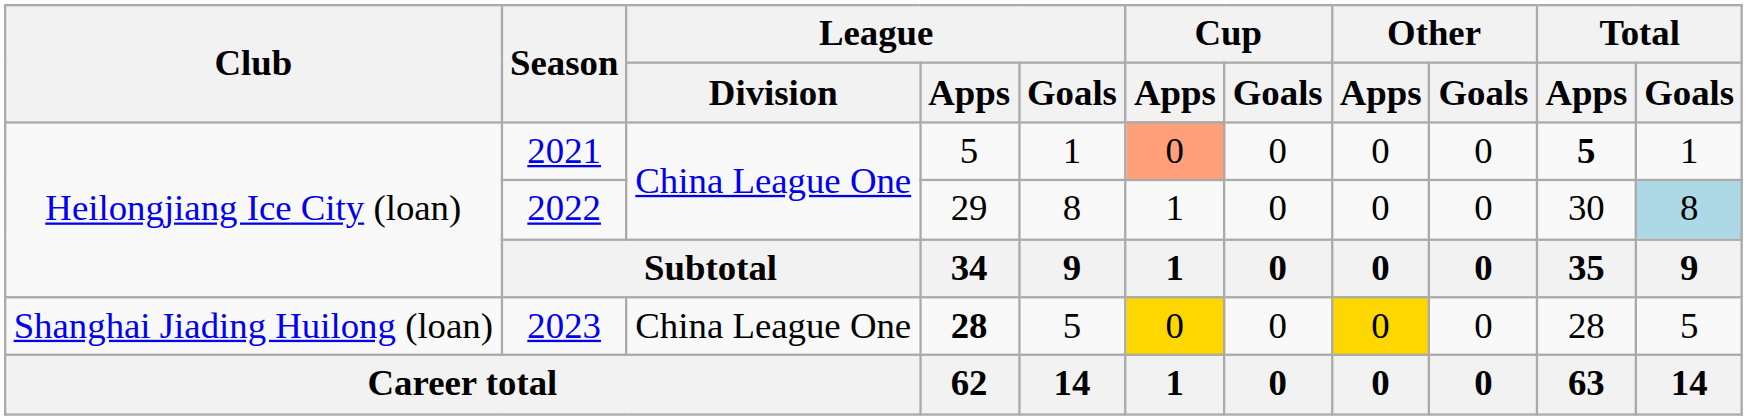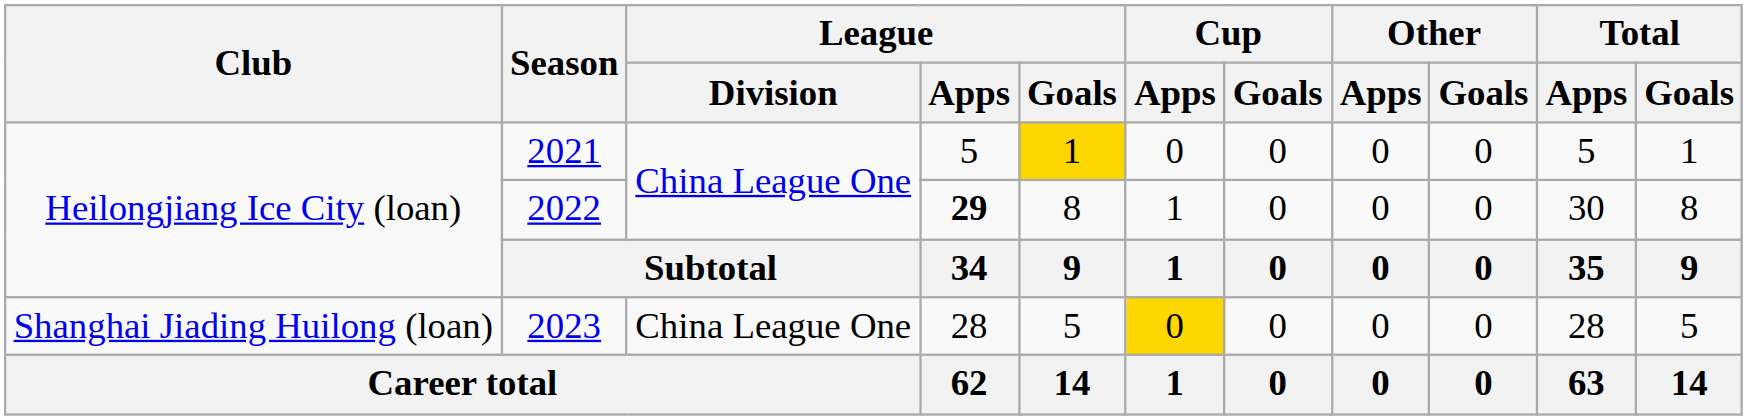 <table class="wikitable" style="text-align: center">
 <tr>
 <th rowspan="2">Club</th>
 <th rowspan="2">Season</th>
 <th colspan="3">League</th>
 <th colspan="2">Cup</th>
 <th colspan="2">Other</th>
 <th colspan="2">Total</th>
 </tr>
 <tr>
 <th>Division</th>
 <th>Apps</th>
 <th>Goals</th>
 <th>Apps</th>
 <th>Goals</th>
 <th>Apps</th>
 <th>Goals</th>
 <th>Apps</th>
 <th>Goals</th>
 </tr>
 <tr>
 <td rowspan="3"><a href='#'>Heilongjiang Ice City</a> (loan)</td>
 <td><a href='#'>2021</a></td>
 <td rowspan="2"><a href='#'>China League One</a></td>
 <td>5</td>
-<td>1</td>
-<td style="background: lightsalmon;">0</td>
+<td style="background: gold;">1</td>
 <td>0</td>
 <td>0</td>
 <td>0</td>
-<td><strong>5</strong></td>
+<td>0</td>
+<td>5</td>
 <td>1</td>
 </tr>
 <tr>
 <td><a href='#'>2022</a></td>
-<td>29</td>
+<td><strong>29</strong></td>
 <td>8</td>
 <td>1</td>
 <td>0</td>
 <td>0</td>
 <td>0</td>
 <td>30</td>
-<td style="background: lightblue;">8</td>
+<td>8</td>
 </tr>
 <tr>
 <th colspan="2">Subtotal</th>
 <th>34</th>
 <th>9</th>
 <th>1</th>
 <th>0</th>
 <th>0</th>
 <th>0</th>
 <th>35</th>
 <th>9</th>
 </tr>
 <tr>
 <td><a href='#'>Shanghai Jiading Huilong</a> (loan)</td>
 <td><a href='#'>2023</a></td>
 <td>China League One</td>
-<td><strong>28</strong></td>
+<td>28</td>
 <td>5</td>
 <td style="background: gold;">0</td>
 <td>0</td>
-<td style="background: gold;">0</td>
+<td>0</td>
 <td>0</td>
 <td>28</td>
 <td>5</td>
 </tr>
 <tr>
 <th colspan="3">Career total</th>
 <th>62</th>
 <th>14</th>
 <th>1</th>
 <th>0</th>
 <th>0</th>
 <th>0</th>
 <th>63</th>
 <th>14</th>
 </tr>
 </table>
